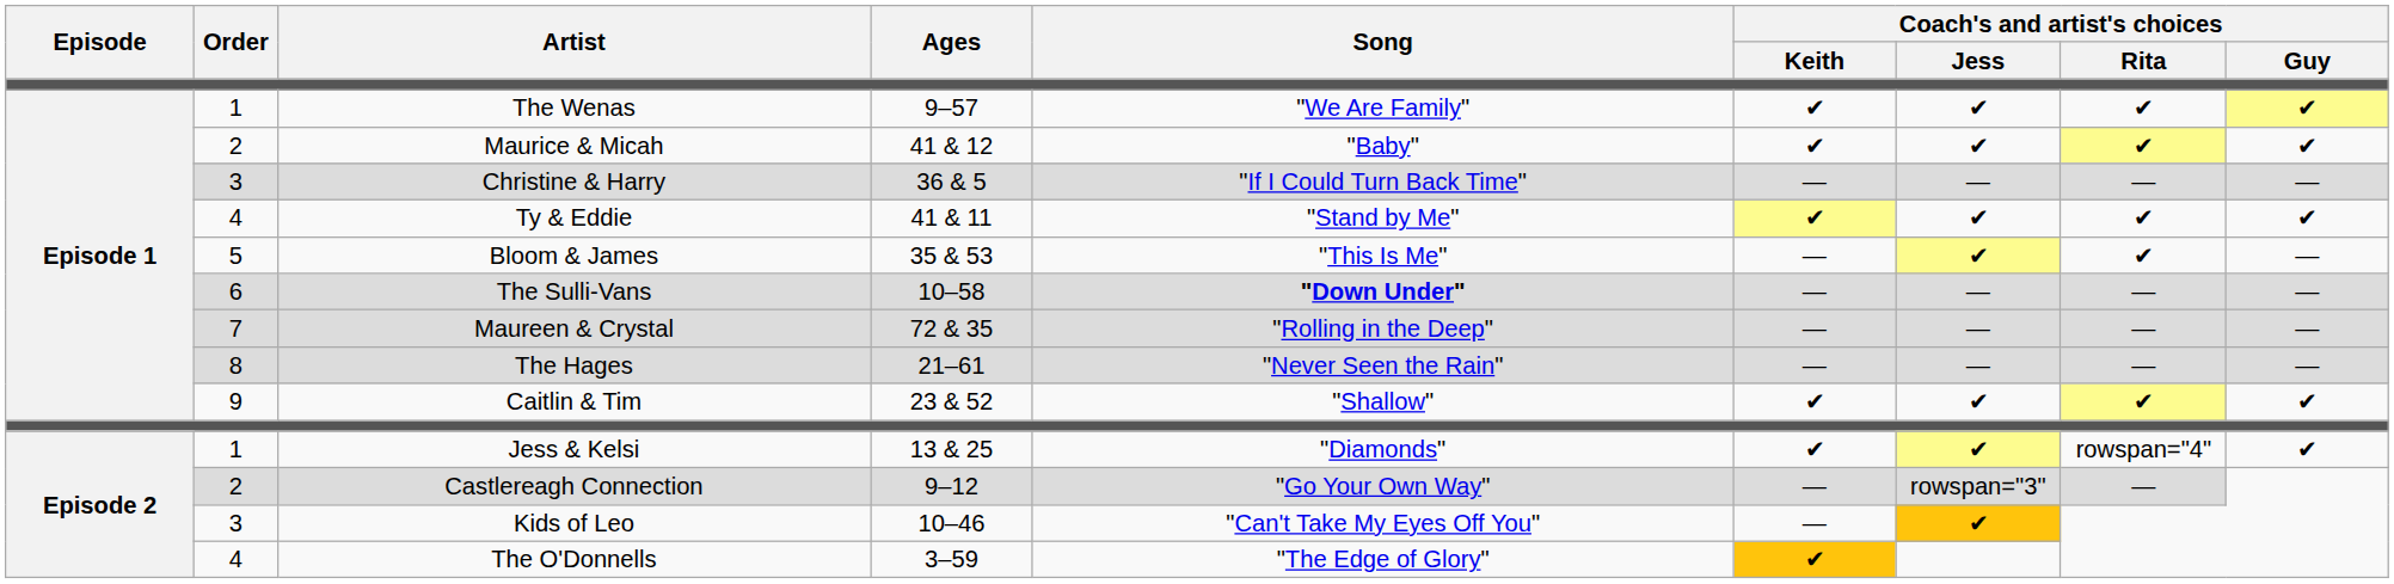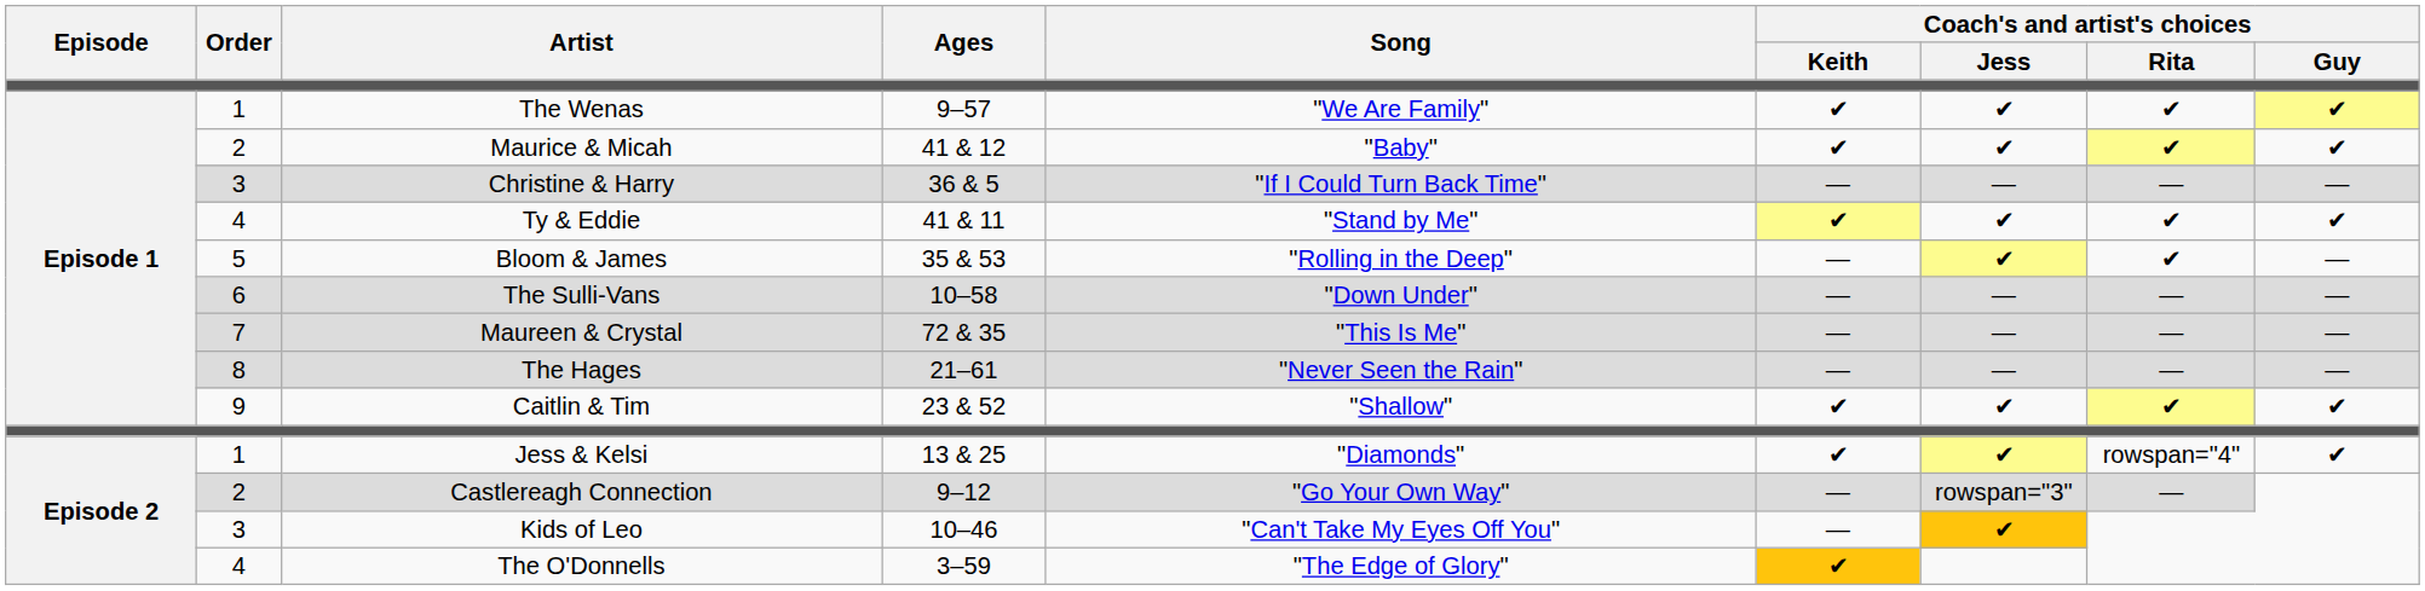 <table class="wikitable" style="text-align:center; line-height:17px; width:100%">
 <tr>
 <th rowspan="2" scope="col" style="width:07%">Episode</th>
 <th rowspan="2" scope="col" style="width:02%">Order</th>
 <th rowspan="2" scope="col" style="width:22%">Artist</th>
 <th rowspan="2" scope="col" style="width:06%">Ages</th>
 <th rowspan="2" scope="col" style="width:26%">Song</th>
 <th colspan="4" scope="col" style="width:40%">Coach's and artist's choices</th>
 </tr>
 <tr>
 <th style="width:06%">Keith</th>
 <th style="width:06%">Jess</th>
 <th style="width:06%">Rita</th>
 <th style="width:06%">Guy</th>
 </tr>
 <tr>
 <td colspan="12" style="background:#555"></td>
 </tr>
 <tr>
 <th rowspan="9">Episode 1<br></th>
 <td>1</td>
 <td>The Wenas</td>
 <td>9–57</td>
 <td>"<a href='#'>We Are Family</a>"</td>
 <td>✔</td>
 <td>✔</td>
 <td>✔</td>
 <td style="background:#fdfc8f">✔</td>
 </tr>
 <tr>
 <td>2</td>
 <td>Maurice & Micah</td>
 <td>41 & 12</td>
 <td>"<a href='#'>Baby</a>"</td>
 <td>✔</td>
 <td>✔</td>
 <td style="background:#fdfc8f">✔</td>
 <td>✔</td>
 </tr>
 <tr style="background:#DCDCDC">
 <td>3</td>
 <td>Christine & Harry</td>
 <td>36 & 5</td>
 <td>"<a href='#'>If I Could Turn Back Time</a>"</td>
 <td>—</td>
 <td>—</td>
 <td>—</td>
 <td>—</td>
 </tr>
 <tr>
 <td>4</td>
 <td>Ty & Eddie</td>
 <td>41 & 11</td>
 <td>"<a href='#'>Stand by Me</a>"</td>
 <td style="background:#fdfc8f">✔</td>
 <td>✔</td>
 <td>✔</td>
 <td>✔</td>
 </tr>
 <tr>
 <td>5</td>
 <td>Bloom & James</td>
 <td>35 & 53</td>
-<td>"<a href='#'>This Is Me</a>"</td>
+<td>"<a href='#'>Rolling in the Deep</a>"</td>
 <td>—</td>
 <td style="background:#fdfc8f">✔</td>
 <td>✔</td>
 <td>—</td>
 </tr>
 <tr style="background:#DCDCDC">
 <td>6</td>
 <td>The Sulli-Vans</td>
 <td>10–58</td>
-<td><strong>"<a href='#'>Down Under</a>"</strong></td>
+<td>"<a href='#'>Down Under</a>"</td>
 <td>—</td>
 <td>—</td>
 <td>—</td>
 <td>—</td>
 </tr>
 <tr style="background:#DCDCDC">
 <td>7</td>
 <td>Maureen & Crystal</td>
 <td>72 & 35</td>
-<td>"<a href='#'>Rolling in the Deep</a>"</td>
+<td>"<a href='#'>This Is Me</a>"</td>
 <td>—</td>
 <td>—</td>
 <td>—</td>
 <td>—</td>
 </tr>
 <tr style="background:#DCDCDC">
 <td>8</td>
 <td>The Hages</td>
 <td>21–61</td>
 <td>"<a href='#'>Never Seen the Rain</a>"</td>
 <td>—</td>
 <td>—</td>
 <td>—</td>
 <td>—</td>
 </tr>
 <tr>
 <td>9</td>
 <td>Caitlin & Tim</td>
 <td>23 & 52</td>
 <td>"<a href='#'>Shallow</a>"</td>
 <td>✔</td>
 <td>✔</td>
 <td style="background:#fdfc8f">✔</td>
 <td>✔</td>
 </tr>
 <tr>
 <td colspan="12" style="background:#555"></td>
 </tr>
 <tr>
 <th rowspan="4">Episode 2<br></th>
 <td>1</td>
 <td>Jess & Kelsi</td>
 <td>13 & 25</td>
 <td>"<a href='#'>Diamonds</a>"</td>
 <td>✔</td>
 <td style="background:#fdfc8f">✔</td>
 <td>rowspan="4" </td>
 <td>✔</td>
 </tr>
 <tr style="background:#DCDCDC">
 <td>2</td>
 <td>Castlereagh Connection</td>
 <td>9–12</td>
 <td>"<a href='#'>Go Your Own Way</a>"</td>
 <td>—</td>
 <td>rowspan="3" </td>
 <td>—</td>
 </tr>
 <tr>
 <td>3</td>
 <td>Kids of Leo</td>
 <td>10–46</td>
 <td>"<a href='#'>Can't Take My Eyes Off You</a>"</td>
 <td>—</td>
 <td style="background:#FFC40C">✔</td>
 </tr>
 <tr>
 <td>4</td>
 <td>The O'Donnells</td>
 <td>3–59</td>
 <td>"<a href='#'>The Edge of Glory</a>"</td>
 <td style="background:#FFC40C">✔</td>
 <td></td>
 </tr>
 </table>
